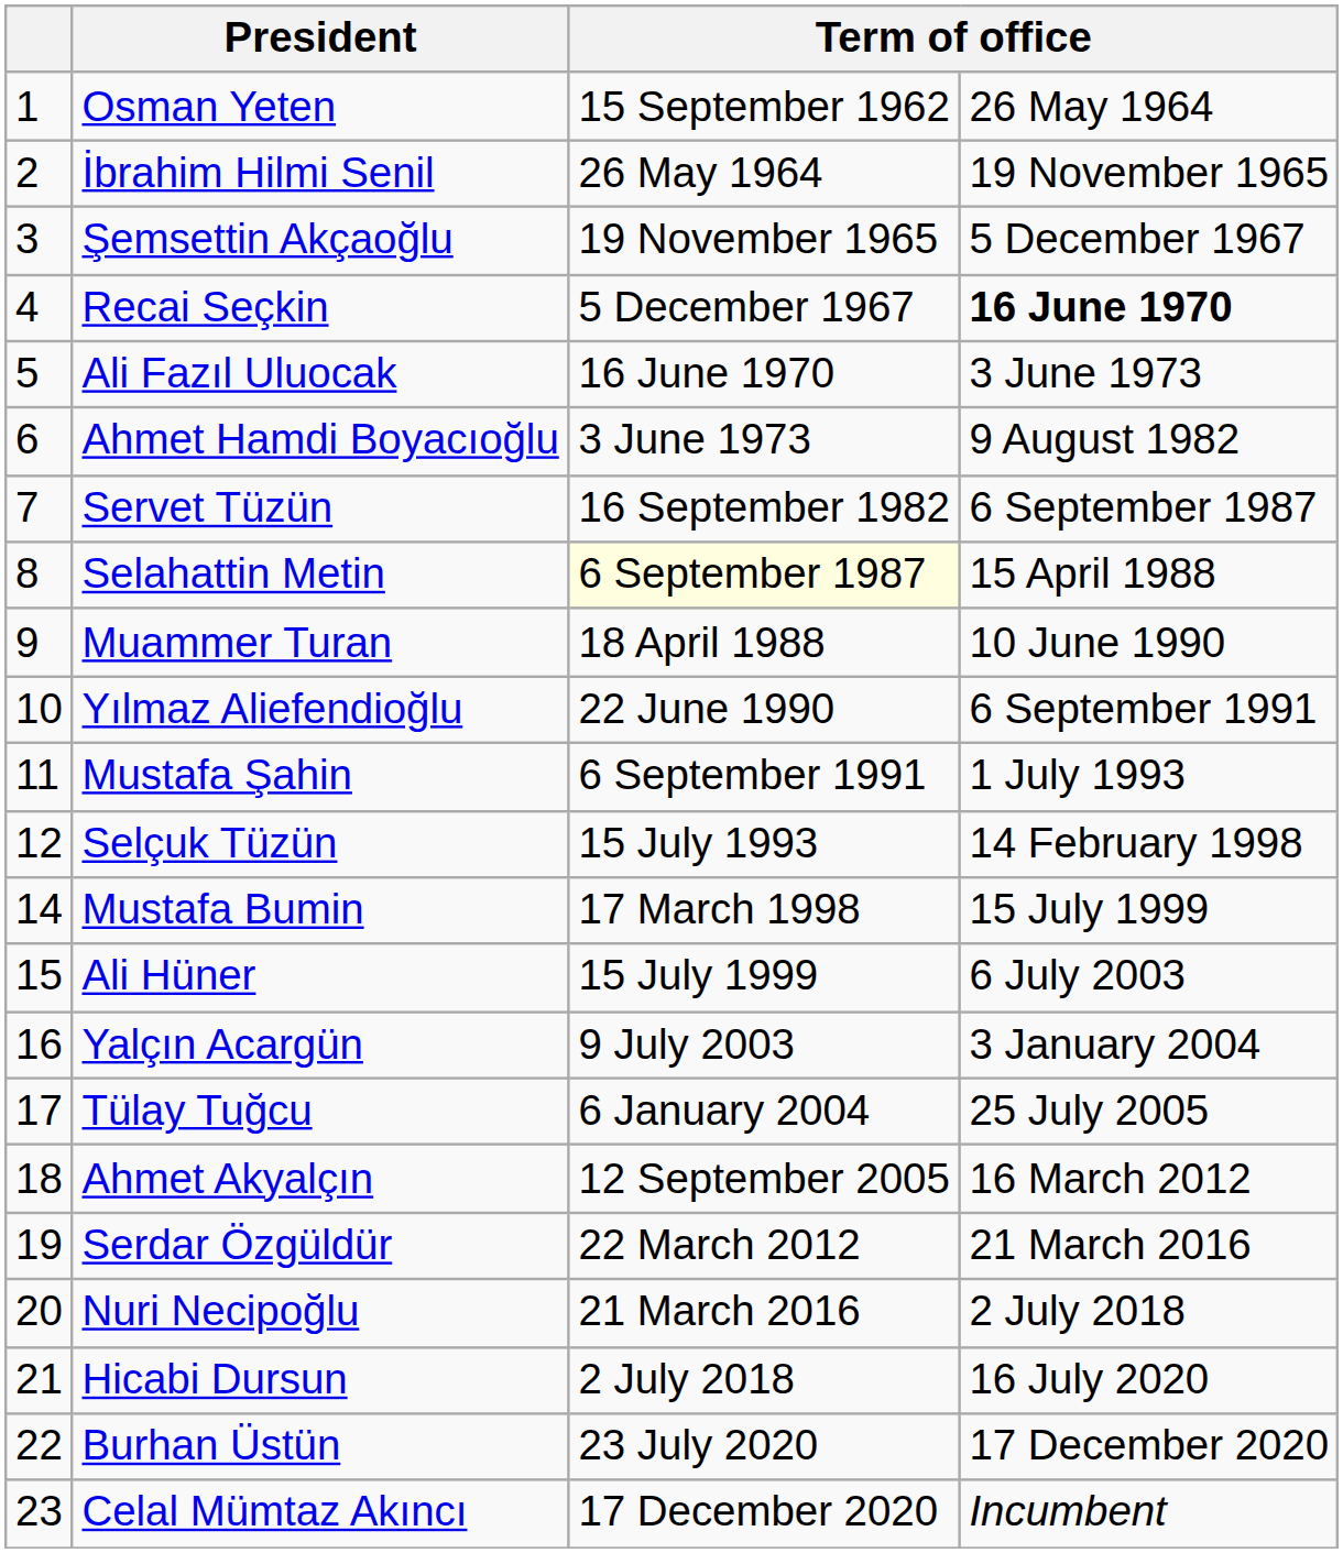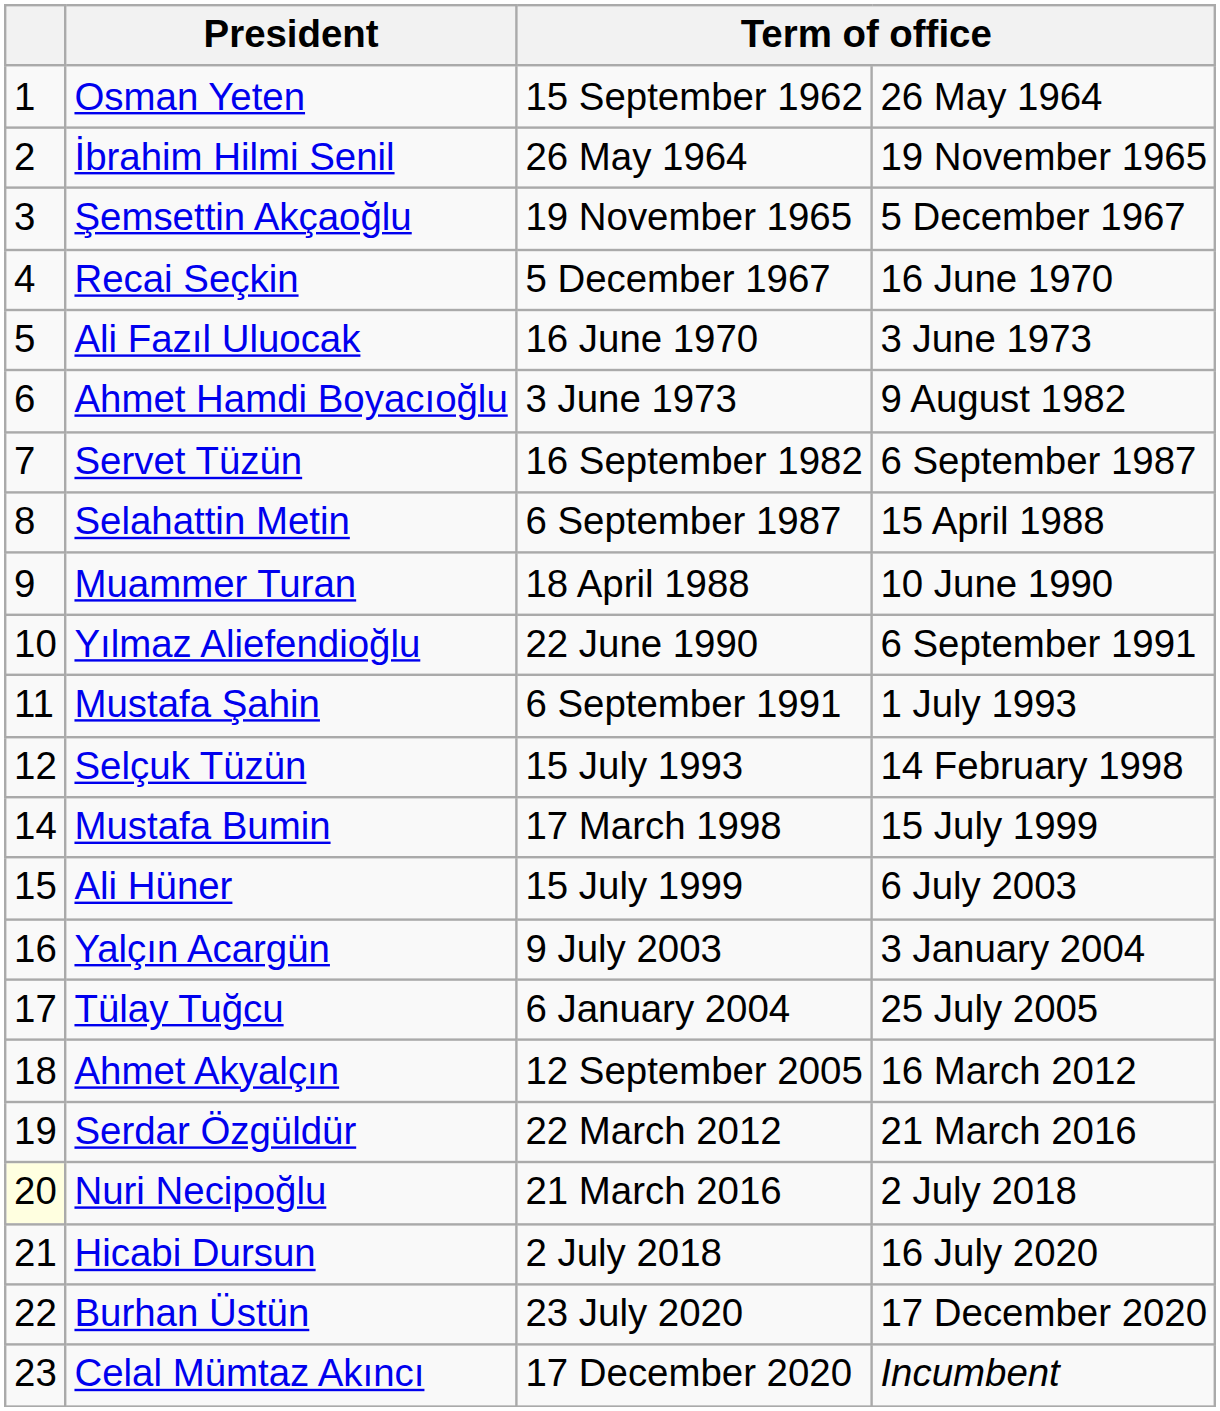 <table class=wikitable>
 <tr>
 <th></th>
 <th>President</th>
 <th colspan=2>Term of office</th>
 </tr>
 <tr>
 <td>1</td>
 <td><a href='#'>Osman Yeten</a></td>
 <td>15 September 1962</td>
 <td>26 May 1964</td>
 </tr>
 <tr>
 <td>2</td>
 <td><a href='#'>İbrahim Hilmi Senil</a></td>
 <td>26 May 1964</td>
 <td>19 November 1965</td>
 </tr>
 <tr>
 <td>3</td>
 <td><a href='#'>Şemsettin Akçaoğlu</a></td>
 <td>19 November 1965</td>
 <td>5 December 1967</td>
 </tr>
 <tr>
 <td>4</td>
 <td><a href='#'>Recai Seçkin</a></td>
 <td>5 December 1967</td>
-<td><strong>16 June 1970</strong></td>
+<td>16 June 1970</td>
 </tr>
 <tr>
 <td>5</td>
 <td><a href='#'>Ali Fazıl Uluocak</a></td>
 <td>16 June 1970</td>
 <td>3 June 1973</td>
 </tr>
 <tr>
 <td>6</td>
 <td><a href='#'>Ahmet Hamdi Boyacıoğlu</a></td>
 <td>3 June 1973</td>
 <td>9 August 1982</td>
 </tr>
 <tr>
 <td>7</td>
 <td><a href='#'>Servet Tüzün</a></td>
 <td>16 September 1982</td>
 <td>6 September 1987</td>
 </tr>
 <tr>
 <td>8</td>
 <td><a href='#'>Selahattin Metin</a></td>
-<td style="background: lightyellow;">6 September 1987</td>
+<td>6 September 1987</td>
 <td>15 April 1988</td>
 </tr>
 <tr>
 <td>9</td>
 <td><a href='#'>Muammer Turan</a></td>
 <td>18 April 1988</td>
 <td>10 June 1990</td>
 </tr>
 <tr>
 <td>10</td>
 <td><a href='#'>Yılmaz Aliefendioğlu</a></td>
 <td>22 June 1990</td>
 <td>6 September 1991</td>
 </tr>
 <tr>
 <td>11</td>
 <td><a href='#'>Mustafa Şahin</a></td>
 <td>6 September 1991</td>
 <td>1 July 1993</td>
 </tr>
 <tr>
 <td>12</td>
 <td><a href='#'>Selçuk Tüzün</a></td>
 <td>15 July 1993</td>
 <td>14 February 1998</td>
 </tr>
 <tr>
 <td>14</td>
 <td><a href='#'>Mustafa Bumin</a></td>
 <td>17 March 1998</td>
 <td>15 July 1999</td>
 </tr>
 <tr>
 <td>15</td>
 <td><a href='#'>Ali Hüner</a></td>
 <td>15 July 1999</td>
 <td>6 July 2003</td>
 </tr>
 <tr>
 <td>16</td>
 <td><a href='#'>Yalçın Acargün</a></td>
 <td>9 July 2003</td>
 <td>3 January 2004</td>
 </tr>
 <tr>
 <td>17</td>
 <td><a href='#'>Tülay Tuğcu</a></td>
 <td>6 January 2004</td>
 <td>25 July 2005</td>
 </tr>
 <tr>
 <td>18</td>
 <td><a href='#'>Ahmet Akyalçın</a></td>
 <td>12 September 2005</td>
 <td>16 March 2012</td>
 </tr>
 <tr>
 <td>19</td>
 <td><a href='#'>Serdar Özgüldür</a></td>
 <td>22 March 2012</td>
 <td>21 March 2016</td>
 </tr>
 <tr>
-<td>20</td>
+<td style="background: lightyellow;">20</td>
 <td><a href='#'>Nuri Necipoğlu</a></td>
 <td>21 March 2016</td>
 <td>2 July 2018</td>
 </tr>
 <tr>
 <td>21</td>
 <td><a href='#'>Hicabi Dursun</a></td>
 <td>2 July 2018</td>
 <td>16 July 2020</td>
 </tr>
 <tr>
 <td>22</td>
 <td><a href='#'>Burhan Üstün</a></td>
 <td>23 July 2020</td>
 <td>17 December 2020</td>
 </tr>
 <tr>
 <td>23</td>
 <td><a href='#'>Celal Mümtaz Akıncı</a></td>
 <td>17 December 2020</td>
 <td><em>Incumbent</em></td>
 </tr>
 <tr>
 </tr>
 </table>
